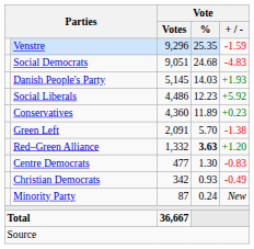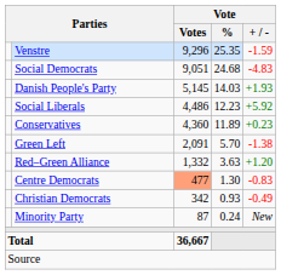 <table class="wikitable" style="text-align:right;">
 <tr>
 <th style="text-align:centre;" rowspan="2" colspan="2" width="225">Parties</th>
 <th colspan="3">Vote</th>
 </tr>
 <tr>
 <th width="15">Votes</th>
 <th width="15">%</th>
 <th width="15">+ / -</th>
 </tr>
 <tr>
 <td width="2" style="color:inherit;background:"></td>
 <td bgcolor=#cfe5fe  align="left"><a href='#'>Venstre</a></td>
 <td bgcolor=#cfe5fe>9,296</td>
 <td bgcolor=#cfe5fe>25.35</td>
 <td style=color:red;>-1.59</td>
 </tr>
 <tr>
 <td width="2" style="color:inherit;background:"></td>
 <td align="left"><a href='#'>Social Democrats</a></td>
 <td>9,051</td>
 <td>24.68</td>
 <td style=color:red;>-4.83</td>
 </tr>
 <tr>
 <td width="2" style="color:inherit;background:"></td>
 <td align="left"><a href='#'>Danish People's Party</a></td>
 <td>5,145</td>
 <td>14.03</td>
 <td style=color:green;>+1.93</td>
 </tr>
 <tr>
 <td width="2" style="color:inherit;background:"></td>
 <td align="left"><a href='#'>Social Liberals</a></td>
 <td>4,486</td>
 <td>12.23</td>
 <td style=color:green;>+5.92</td>
 </tr>
 <tr>
 <td width="2" style="color:inherit;background:"></td>
 <td align="left"><a href='#'>Conservatives</a></td>
 <td>4,360</td>
 <td>11.89</td>
 <td style=color:green;>+0.23</td>
 </tr>
 <tr>
 <td width="2" style="color:inherit;background:"></td>
 <td align="left"><a href='#'>Green Left</a></td>
 <td>2,091</td>
 <td>5.70</td>
 <td style=color:red;>-1.38</td>
 </tr>
 <tr>
 <td width="2" style="color:inherit;background:"></td>
 <td align="left"><a href='#'>Red–Green Alliance</a></td>
 <td>1,332</td>
-<td><strong>3.63</strong></td>
+<td>3.63</td>
 <td style=color:green;>+1.20</td>
 </tr>
 <tr>
 <td width="2" style="color:inherit;background:"></td>
 <td align="left"><a href='#'>Centre Democrats</a></td>
-<td>477</td>
+<td style="background: lightsalmon;">477</td>
 <td>1.30</td>
 <td style=color:red;>-0.83</td>
 </tr>
 <tr>
 <td width="2" style="color:inherit;background:"></td>
 <td align="left"><a href='#'>Christian Democrats</a></td>
 <td>342</td>
 <td>0.93</td>
 <td style=color:red;>-0.49</td>
 </tr>
 <tr>
 <td width="2" style="color:inherit;background:"></td>
 <td align="left"><a href='#'>Minority Party</a></td>
 <td>87</td>
 <td>0.24</td>
 <td><em>New</em></td>
 </tr>
 <tr>
 <td colspan="7" bgcolor="#E9E9E9"></td>
 </tr>
 <tr>
 <td align="left" colspan="2"><strong>Total</strong></td>
 <td><strong>36,667</strong></td>
 <td bgcolor="#E9E9E9" colspan="2"></td>
 </tr>
 <tr>
 <td align="left" colspan="6">Source</td>
 </tr>
 </table>
